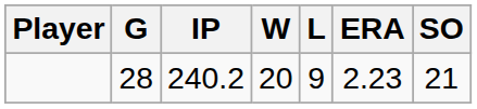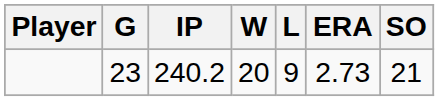 <table class="wikitable sortable">
 <tr>
 <th>Player</th>
 <th>G</th>
 <th>IP</th>
 <th>W</th>
 <th>L</th>
 <th>ERA</th>
 <th>SO</th>
 </tr>
 <tr align="center">
 <td></td>
-<td>28</td>
+<td>23</td>
 <td>240.2</td>
 <td>20</td>
 <td>9</td>
-<td>2.23</td>
+<td>2.73</td>
 <td>21</td>
 </tr>
 </table>
